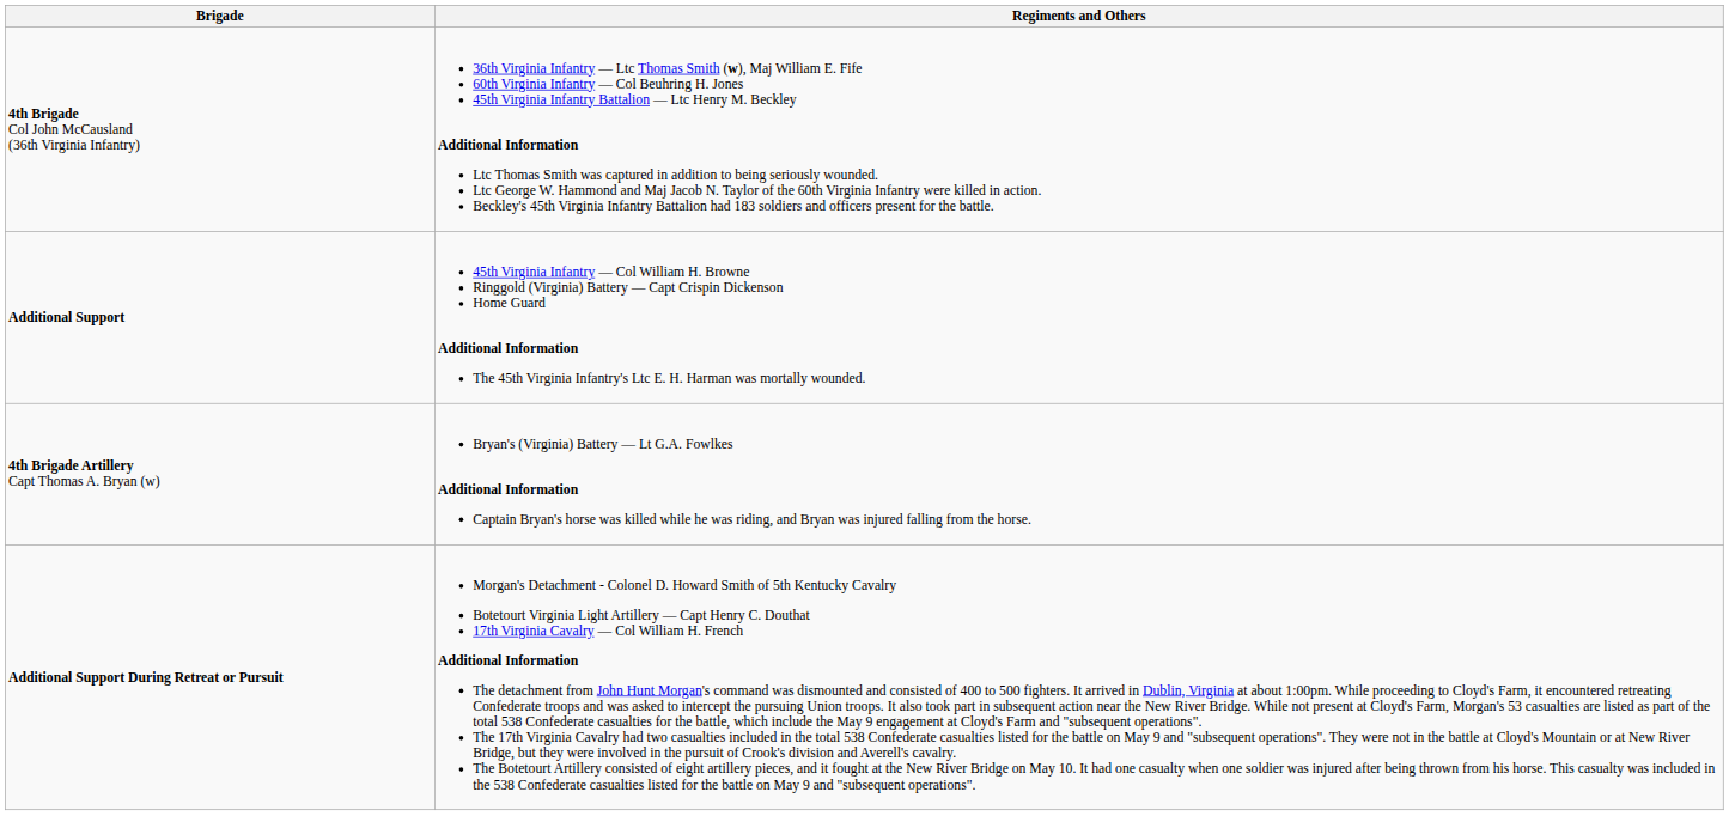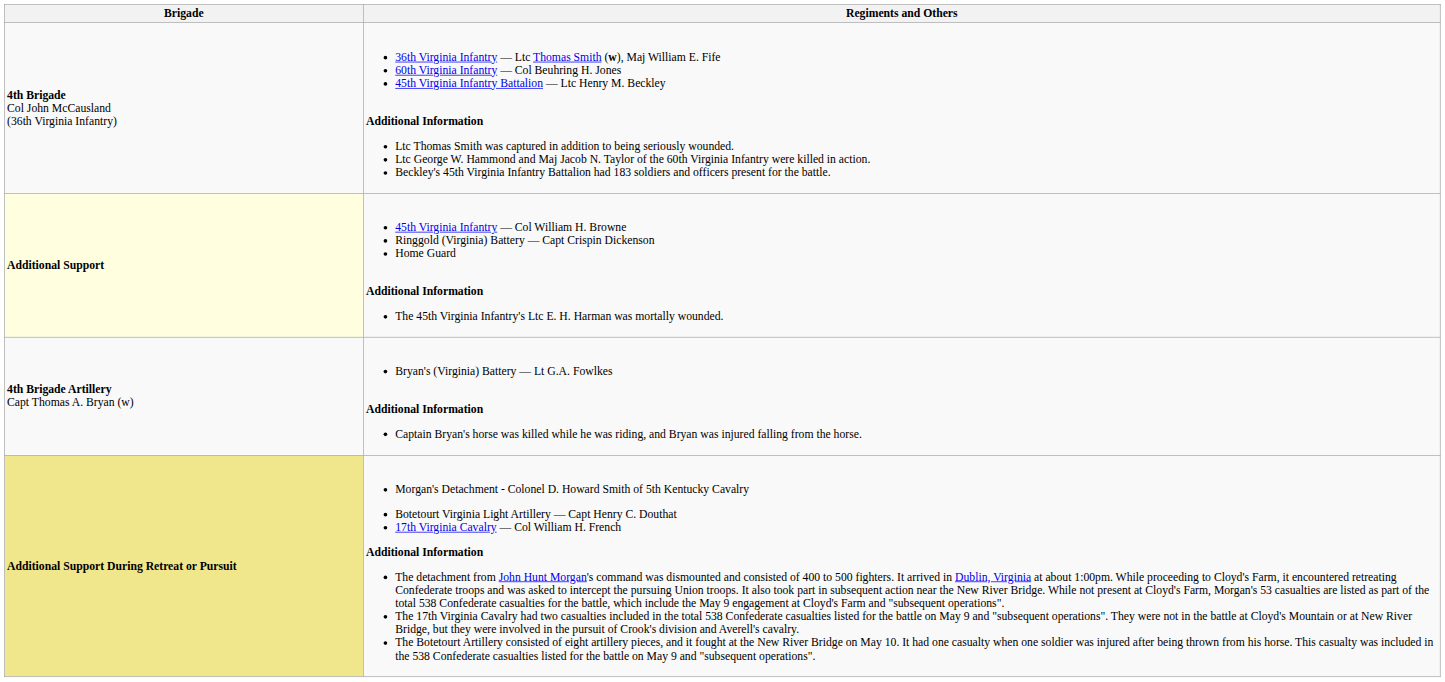 <table class="wikitable">
 <tr>
 <th width=25%>Brigade</th>
 <th>Regiments and Others</th>
 </tr>
 <tr>
 <td><strong>4th Brigade</strong><br>Col John McCausland<br>(36th Virginia Infantry)</td>
 <td><br><ul><li><a href='#'>36th Virginia Infantry</a> — Ltc <a href='#'>Thomas Smith</a> (<strong>w</strong>), Maj William E. Fife</li><li><a href='#'>60th Virginia Infantry</a> — Col Beuhring H. Jones</li><li><a href='#'>45th Virginia Infantry Battalion</a> — Ltc Henry M. Beckley</li></ul><br> <strong>Additional Information</strong><ul><li>Ltc Thomas Smith was captured in addition to being seriously wounded.</li><li>Ltc George W. Hammond and Maj Jacob N. Taylor of the 60th Virginia Infantry were killed in action.</li><li>Beckley's 45th Virginia Infantry Battalion had 183 soldiers and officers present for the battle.</li></ul></td>
 </tr>
 <tr>
-<td><strong>Additional Support</strong></td>
+<td style="background: lightyellow;"><strong>Additional Support</strong></td>
 <td><br><ul><li><a href='#'>45th Virginia Infantry</a> — Col William H. Browne</li><li>Ringgold (Virginia) Battery — Capt Crispin Dickenson</li><li>Home Guard</li></ul><br> <strong>Additional Information</strong><ul><li>The 45th Virginia Infantry's Ltc E. H. Harman was mortally wounded.</li></ul></td>
 </tr>
 <tr>
 <td><strong>4th Brigade Artillery</strong><br>Capt Thomas A. Bryan (w)</td>
 <td><br><ul><li>Bryan's (Virginia) Battery — Lt G.A. Fowlkes</li></ul><br> <strong>Additional Information</strong><ul><li>Captain Bryan's horse was killed while he was riding, and Bryan was injured falling from the horse.</li></ul></td>
 </tr>
 <tr>
-<td><strong>Additional Support During Retreat or Pursuit</strong></td>
+<td style="background: khaki;"><strong>Additional Support During Retreat or Pursuit</strong></td>
 <td><br><ul><li>Morgan's Detachment - Colonel D. Howard Smith of 5th Kentucky Cavalry</li></ul><ul><li>Botetourt Virginia Light Artillery — Capt Henry C. Douthat</li><li><a href='#'>17th Virginia Cavalry</a> — Col William H. French</li></ul><strong>Additional Information</strong><ul><li>The detachment from <a href='#'>John Hunt Morgan</a>'s command was dismounted and consisted of 400 to 500 fighters. It arrived in <a href='#'>Dublin, Virginia</a> at about 1:00pm. While proceeding to Cloyd's Farm, it encountered retreating Confederate troops and was asked to intercept the pursuing Union troops. It also took part in subsequent action near the New River Bridge. While not present at Cloyd's Farm, Morgan's 53 casualties are listed as part of the total 538 Confederate casualties for the battle, which include the May 9 engagement at Cloyd's Farm and "subsequent operations".</li><li>The 17th Virginia Cavalry had two casualties included in the total 538 Confederate casualties listed for the battle on May 9 and "subsequent operations". They were not in the battle at Cloyd's Mountain or at New River Bridge, but they were involved in the pursuit of Crook's division and Averell's cavalry.</li><li>The Botetourt Artillery consisted of eight artillery pieces, and it fought at the New River Bridge on May 10. It had one casualty when one soldier was injured after being thrown from his horse. This casualty was included in the 538 Confederate casualties listed for the battle on May 9 and "subsequent operations".</li></ul></td>
 </tr>
 </table>
